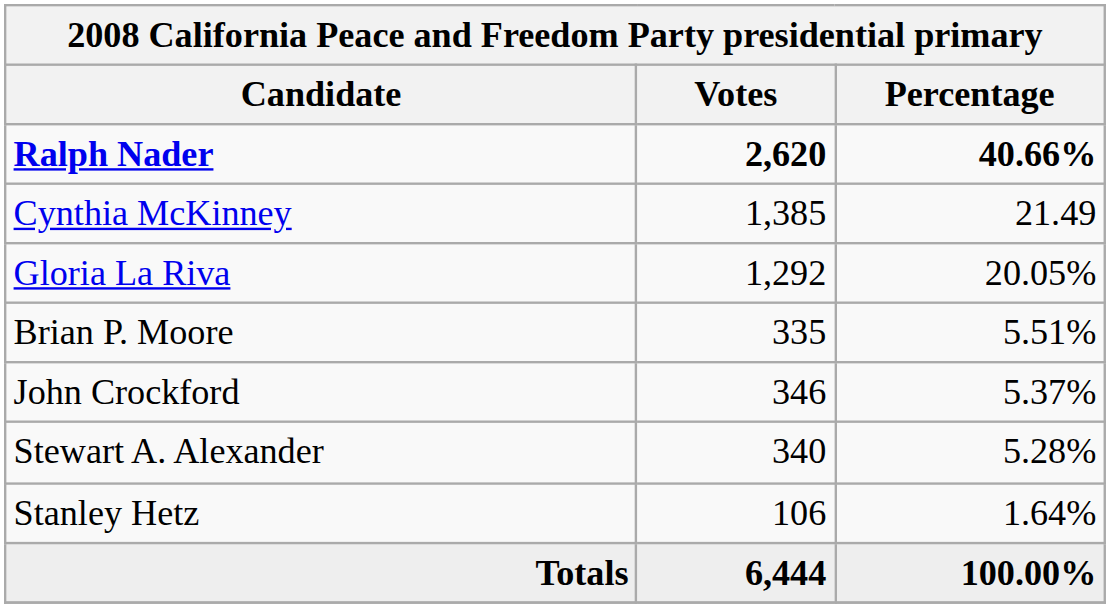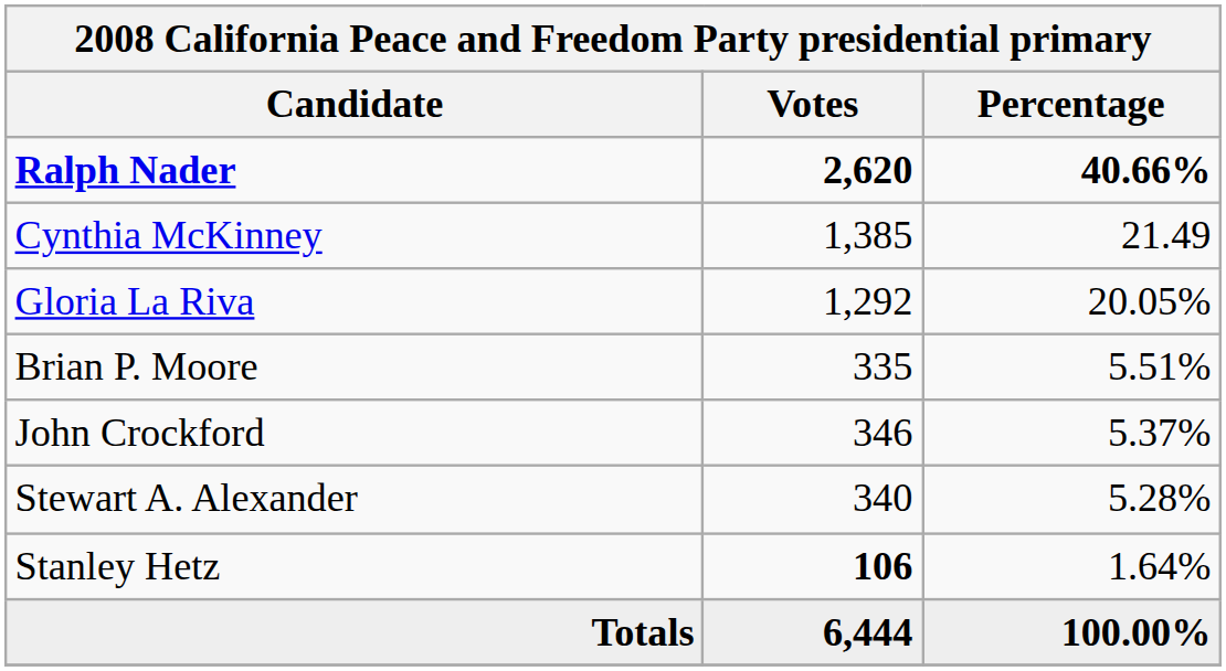 <table class="wikitable" style="font-size: 95%;">
 <tr>
 <th colspan="4">2008 California Peace and Freedom Party presidential primary</th>
 </tr>
 <tr>
 <th style="width: 17em">Candidate</th>
 <th style="width: 5em">Votes</th>
 <th style="width: 7em">Percentage</th>
 </tr>
 <tr>
 <td><strong><a href='#'>Ralph Nader</a></strong></td>
 <td align="right"><strong>2,620</strong></td>
 <td align="right"><strong>40.66%</strong></td>
 </tr>
 <tr>
 <td><a href='#'>Cynthia McKinney</a></td>
 <td align="right">1,385</td>
 <td align="right">21.49</td>
 </tr>
 <tr>
 <td><a href='#'>Gloria La Riva</a></td>
 <td align="right">1,292</td>
 <td align="right">20.05%</td>
 </tr>
 <tr>
 <td>Brian P. Moore</td>
 <td align="right">335</td>
 <td align="right">5.51%</td>
 </tr>
 <tr>
 <td>John Crockford</td>
 <td align="right">346</td>
 <td align="right">5.37%</td>
 </tr>
 <tr>
 <td>Stewart A. Alexander</td>
 <td align="right">340</td>
 <td align="right">5.28%</td>
 </tr>
 <tr>
 <td>Stanley Hetz</td>
-<td align="right">106</td>
+<td align="right"><strong>106</strong></td>
 <td align="right">1.64%</td>
 </tr>
 <tr bgcolor="#EEEEEE">
 <td align="right"><strong>Totals</strong></td>
 <td align="right"><strong>6,444</strong></td>
 <td align="right"><strong>100.00%</strong></td>
 </tr>
 <tr>
 </tr>
 </table>
